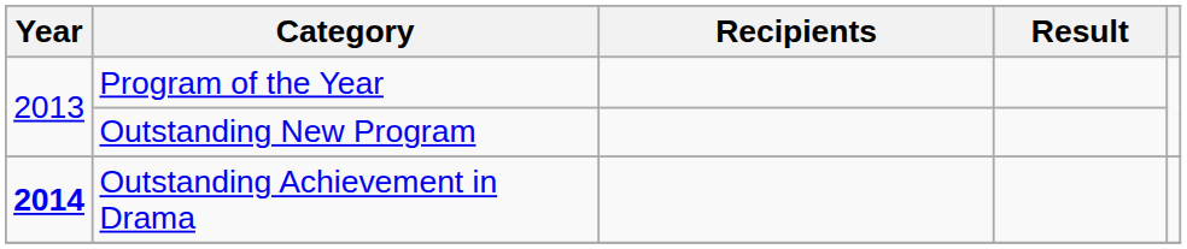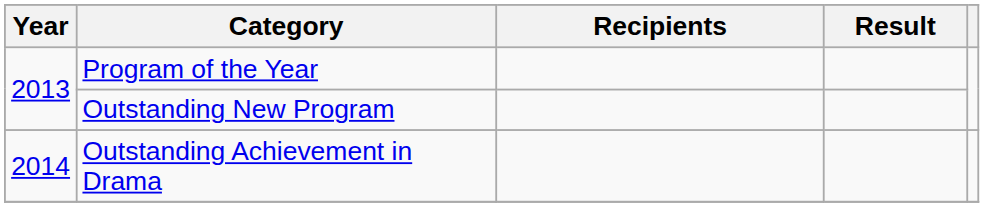 <table class="wikitable plainrowheaders" style="font-size: 90%" width=85%>
 <tr>
 <th scope="col" style="width:2%;">Year</th>
 <th scope="col" style="width:45%;">Category</th>
 <th scope="col" style="width:35%;">Recipients</th>
 <th scope="col" style="width:15%;">Result</th>
 <th scope="col" class="unsortable" style="width:1%;"></th>
 </tr>
 <tr>
 <td rowspan=2 style="text-align:center;"><a href='#'>2013</a></td>
 <td><a href='#'>Program of the Year</a></td>
 <td></td>
 <td></td>
 <td rowspan=2 style="text-align:center;"><br></td>
 </tr>
 <tr>
 <td><a href='#'>Outstanding New Program</a></td>
 <td></td>
 <td></td>
 </tr>
 <tr>
-<td style="text-align:center;"><strong><a href='#'>2014</a></strong></td>
+<td style="text-align:center;"><a href='#'>2014</a></td>
 <td><a href='#'>Outstanding Achievement in Drama</a></td>
 <td></td>
 <td></td>
 <td style="text-align:center;"></td>
 </tr>
 <tr>
 </tr>
 </table>
